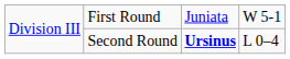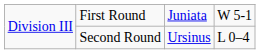 <table class="wikitable">
 <tr>
 <td rowspan="2"><a href='#'>Division III</a></td>
 <td>First Round</td>
 <td><a href='#'>Juniata</a></td>
 <td>W 5-1</td>
 </tr>
 <tr>
 <td>Second Round</td>
-<td><strong><a href='#'>Ursinus</a></strong></td>
+<td><a href='#'>Ursinus</a></td>
 <td>L 0–4</td>
 </tr>
 </table>
